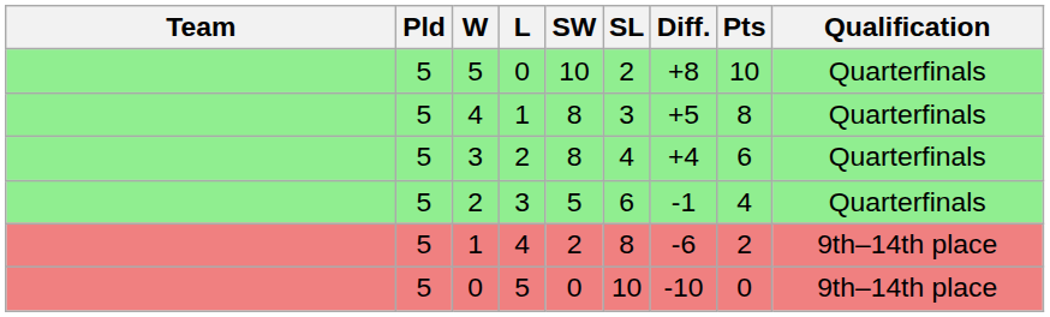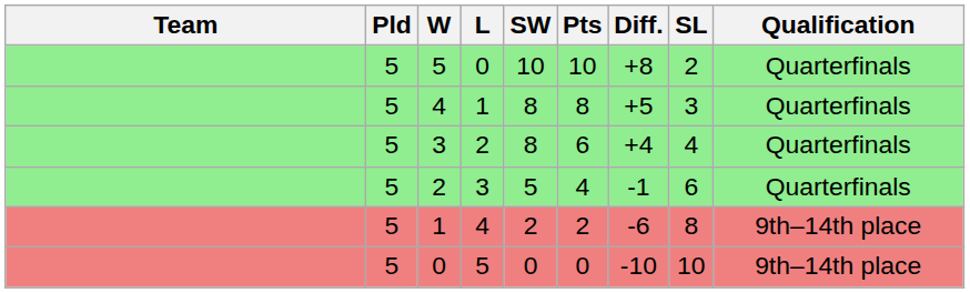 <table class=wikitable style="text-align:center">
 <tr>
 <th width=220>Team</th>
 <th width=20>Pld</th>
 <th width=20>W</th>
 <th width=20>L</th>
 <th width=20>SW</th>
+<th width=20>Pts</th>
+<th width=20>Diff.</th>
 <th width=20>SL</th>
-<th width=20>Diff.</th>
-<th width=20>Pts</th>
 <th width=150>Qualification</th>
 </tr>
 <tr bgcolor=90EE90>
 <td align=left></td>
 <td>5</td>
 <td>5</td>
 <td>0</td>
 <td>10</td>
+<td>10</td>
+<td>+8</td>
 <td>2</td>
-<td>+8</td>
-<td>10</td>
 <td>Quarterfinals</td>
 </tr>
 <tr bgcolor=90EE90>
 <td align=left></td>
 <td>5</td>
 <td>4</td>
 <td>1</td>
 <td>8</td>
+<td>8</td>
+<td>+5</td>
 <td>3</td>
-<td>+5</td>
-<td>8</td>
 <td>Quarterfinals</td>
 </tr>
 <tr bgcolor=90EE90>
 <td align=left></td>
 <td>5</td>
 <td>3</td>
 <td>2</td>
 <td>8</td>
+<td>6</td>
+<td>+4</td>
 <td>4</td>
-<td>+4</td>
-<td>6</td>
 <td>Quarterfinals</td>
 </tr>
 <tr bgcolor=90EE90>
 <td align=left></td>
 <td>5</td>
 <td>2</td>
 <td>3</td>
 <td>5</td>
+<td>4</td>
+<td>-1</td>
 <td>6</td>
-<td>-1</td>
-<td>4</td>
 <td>Quarterfinals</td>
 </tr>
 <tr bgcolor=F08080>
 <td align=left></td>
 <td>5</td>
 <td>1</td>
 <td>4</td>
 <td>2</td>
+<td>2</td>
+<td>-6</td>
 <td>8</td>
-<td>-6</td>
-<td>2</td>
 <td>9th–14th place</td>
 </tr>
 <tr bgcolor=F08080>
 <td align=left></td>
 <td>5</td>
 <td>0</td>
 <td>5</td>
 <td>0</td>
+<td>0</td>
+<td>-10</td>
 <td>10</td>
-<td>-10</td>
-<td>0</td>
 <td>9th–14th place</td>
 </tr>
 </table>
